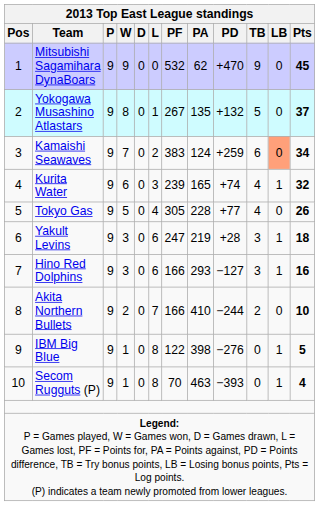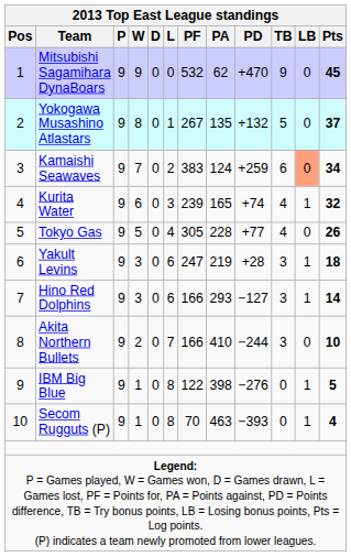 <table class="wikitable" style="text-align:center; font-size:100%; width:60%;">
 <tr>
 <th colspan="100%" cellpadding="0" cellspacing="0"><strong>2013 Top East League standings</strong></th>
 </tr>
 <tr>
 <th style="width:6%;">Pos</th>
 <th style="width:34%;">Team</th>
 <th style="width:6%;">P</th>
 <th style="width:6%;">W</th>
 <th style="width:6%;">D</th>
 <th style="width:6%;">L</th>
 <th style="width:6%;">PF</th>
 <th style="width:6%;">PA</th>
 <th style="width:6%;">PD</th>
 <th style="width:6%;">TB</th>
 <th style="width:6%;">LB</th>
 <th style="width:6%;">Pts<br></th>
 </tr>
 <tr style="background:#CCCCFF;">
 <td>1</td>
 <td style="text-align:left;"><a href='#'>Mitsubishi Sagamihara DynaBoars</a></td>
 <td>9</td>
 <td>9</td>
 <td>0</td>
 <td>0</td>
 <td>532</td>
 <td>62</td>
 <td>+470</td>
 <td>9</td>
 <td>0</td>
 <td><strong>45</strong></td>
 </tr>
 <tr style="background:#CFFCFF;">
 <td>2</td>
 <td style="text-align:left;"><a href='#'>Yokogawa Musashino Atlastars</a></td>
 <td>9</td>
 <td>8</td>
 <td>0</td>
 <td>1</td>
 <td>267</td>
 <td>135</td>
 <td>+132</td>
 <td>5</td>
 <td>0</td>
 <td><strong>37</strong></td>
 </tr>
 <tr>
 <td>3</td>
 <td style="text-align:left;"><a href='#'>Kamaishi Seawaves</a></td>
 <td>9</td>
 <td>7</td>
 <td>0</td>
 <td>2</td>
 <td>383</td>
 <td>124</td>
 <td>+259</td>
 <td>6</td>
 <td style="background: lightsalmon;">0</td>
 <td><strong>34</strong></td>
 </tr>
 <tr>
 <td>4</td>
 <td style="text-align:left;"><a href='#'>Kurita Water</a></td>
 <td>9</td>
 <td>6</td>
 <td>0</td>
 <td>3</td>
 <td>239</td>
 <td>165</td>
 <td>+74</td>
 <td>4</td>
 <td>1</td>
 <td><strong>32</strong></td>
 </tr>
 <tr>
 <td>5</td>
 <td style="text-align:left;"><a href='#'>Tokyo Gas</a></td>
 <td>9</td>
 <td>5</td>
 <td>0</td>
 <td>4</td>
 <td>305</td>
 <td>228</td>
 <td>+77</td>
 <td>4</td>
 <td>0</td>
 <td><strong>26</strong></td>
 </tr>
 <tr>
 <td>6</td>
 <td style="text-align:left;"><a href='#'>Yakult Levins</a></td>
 <td>9</td>
 <td>3</td>
 <td>0</td>
 <td>6</td>
 <td>247</td>
 <td>219</td>
 <td>+28</td>
 <td>3</td>
 <td>1</td>
 <td><strong>18</strong></td>
 </tr>
 <tr>
 <td>7</td>
 <td style="text-align:left;"><a href='#'>Hino Red Dolphins</a></td>
 <td>9</td>
 <td>3</td>
 <td>0</td>
 <td>6</td>
 <td>166</td>
 <td>293</td>
 <td>−127</td>
 <td>3</td>
 <td>1</td>
-<td><strong>16</strong></td>
+<td><strong>14</strong></td>
 </tr>
 <tr>
 <td>8</td>
 <td style="text-align:left;"><a href='#'>Akita Northern Bullets</a></td>
 <td>9</td>
 <td>2</td>
 <td>0</td>
 <td>7</td>
 <td>166</td>
 <td>410</td>
 <td>−244</td>
-<td>2</td>
+<td>3</td>
 <td>0</td>
 <td><strong>10</strong></td>
 </tr>
 <tr>
 <td>9</td>
 <td style="text-align:left;"><a href='#'>IBM Big Blue</a></td>
 <td>9</td>
 <td>1</td>
 <td>0</td>
 <td>8</td>
 <td>122</td>
 <td>398</td>
 <td>−276</td>
 <td>0</td>
 <td>1</td>
 <td><strong>5</strong></td>
 </tr>
 <tr>
 <td>10</td>
 <td style="text-align:left;"><a href='#'>Secom Rugguts</a> (P)</td>
 <td>9</td>
 <td>1</td>
 <td>0</td>
 <td>8</td>
 <td>70</td>
 <td>463</td>
 <td>−393</td>
 <td>0</td>
 <td>1</td>
 <td><strong>4</strong></td>
 </tr>
 <tr>
 <td colspan="100%" style="height:10px;"></td>
 </tr>
 <tr>
 <td colspan="100%"><small><strong>Legend:</strong> <br> P = Games played, W = Games won, D = Games drawn, L = Games lost, PF = Points for, PA = Points against, PD = Points difference, TB = Try bonus points, LB = Losing bonus points, Pts = Log points. <br> (P) indicates a team newly promoted from lower leagues.</small></td>
 </tr>
 </table>
